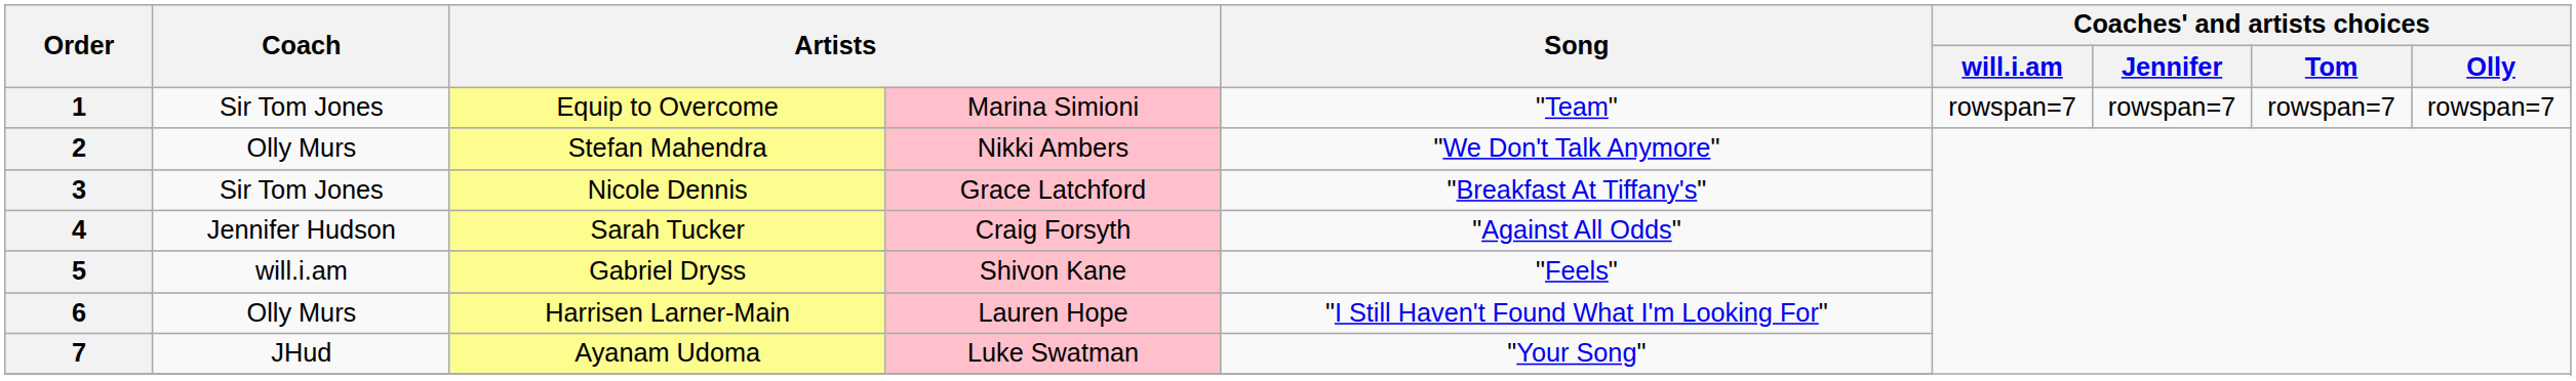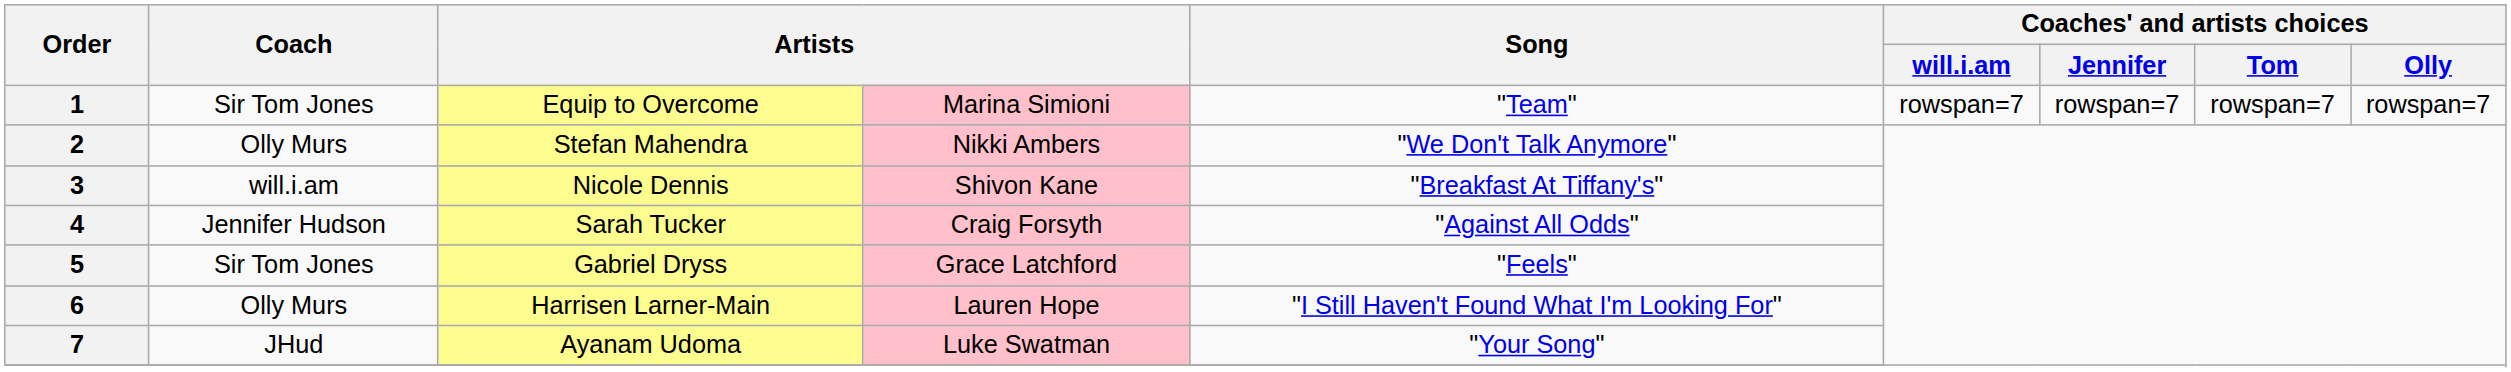 <table class="wikitable" style="text-align:center; width:100%;">
 <tr>
 <th rowspan="2" scope="col" style="width:05%;">Order</th>
 <th rowspan="2" scope="col" style="width:10%;">Coach</th>
 <th colspan="2" rowspan="2" scope="col" style="width:26%;">Artists</th>
 <th rowspan="2" scope="col" style="width:24%;">Song</th>
 <th colspan="4" scope="col" style="width:20%;">Coaches' and artists choices</th>
 </tr>
 <tr>
 <th style="width:05%;"><a href='#'>will.i.am</a></th>
 <th style="width:05%;"><a href='#'>Jennifer</a></th>
 <th style="width:05%;"><a href='#'>Tom</a></th>
 <th style="width:05%;"><a href='#'>Olly</a></th>
 </tr>
 <tr>
 <th scope="col">1</th>
 <td>Sir Tom Jones</td>
 <td style="background:#fdfc8f;text-align:center;">Equip to Overcome</td>
 <td style="background:pink;text-align:center;">Marina Simioni</td>
 <td>"<a href='#'>Team</a>"</td>
 <td>rowspan=7 </td>
 <td>rowspan=7 </td>
 <td>rowspan=7 </td>
 <td>rowspan=7 </td>
 </tr>
 <tr>
 <th scope="col">2</th>
 <td>Olly Murs</td>
 <td style="background:#fdfc8f;text-align:center;">Stefan Mahendra</td>
 <td style="background:pink;text-align:center;">Nikki Ambers</td>
 <td>"<a href='#'>We Don't Talk Anymore</a>"</td>
 </tr>
 <tr>
 <th scope="col">3</th>
-<td>Sir Tom Jones</td>
+<td>will.i.am</td>
 <td style="background:#fdfc8f;text-align:center;">Nicole Dennis</td>
-<td style="background:pink;text-align:center;">Grace Latchford</td>
+<td style="background:pink;text-align:center;">Shivon Kane</td>
 <td>"<a href='#'>Breakfast At Tiffany's</a>"</td>
 </tr>
 <tr>
 <th scope="col">4</th>
 <td>Jennifer Hudson</td>
 <td style="background:#fdfc8f;text-align:center;">Sarah Tucker</td>
 <td style="background:pink;text-align:center;">Craig Forsyth</td>
 <td>"<a href='#'>Against All Odds</a>"</td>
 </tr>
 <tr>
 <th scope="col">5</th>
-<td>will.i.am</td>
+<td>Sir Tom Jones</td>
 <td style="background:#fdfc8f;text-align:center;">Gabriel Dryss</td>
-<td style="background:pink;text-align:center;">Shivon Kane</td>
+<td style="background:pink;text-align:center;">Grace Latchford</td>
 <td>"<a href='#'>Feels</a>"</td>
 </tr>
 <tr>
 <th scope="col">6</th>
 <td>Olly Murs</td>
 <td style="background:#fdfc8f;text-align:center;">Harrisen Larner-Main</td>
 <td style="background:pink;text-align:center;">Lauren Hope</td>
 <td>"<a href='#'>I Still Haven't Found What I'm Looking For</a>"</td>
 </tr>
 <tr>
 <th scope="col">7</th>
 <td>JHud</td>
 <td style="background:#fdfc8f;text-align:center;">Ayanam Udoma</td>
 <td style="background:pink;text-align:center;">Luke Swatman</td>
 <td>"<a href='#'>Your Song</a>"</td>
 </tr>
 <tr>
 </tr>
 </table>
